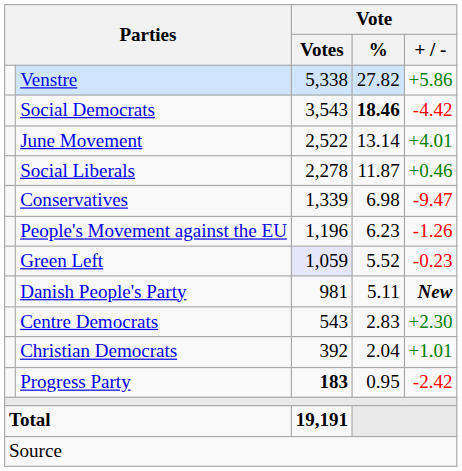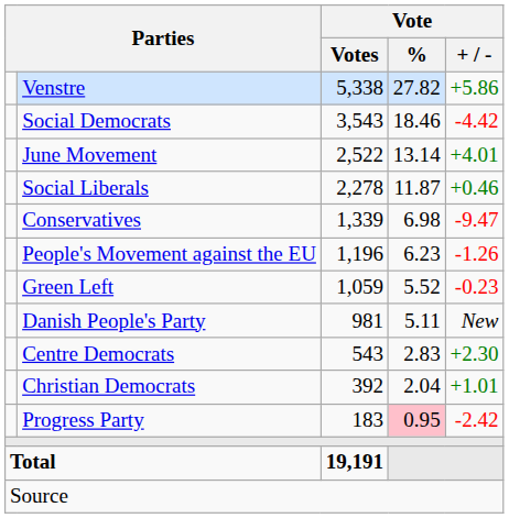 <table class="wikitable" style="text-align:right;">
 <tr>
 <th style="text-align:centre;" rowspan="2" colspan="2" width="225">Parties</th>
 <th colspan="3">Vote</th>
 </tr>
 <tr>
 <th width="15">Votes</th>
 <th width="15">%</th>
 <th width="15">+ / -</th>
 </tr>
 <tr>
 <td width="2" style="color:inherit;background:"></td>
 <td bgcolor=#cfe5fe   align="left"><a href='#'>Venstre</a></td>
 <td bgcolor=#cfe5fe>5,338</td>
 <td bgcolor=#cfe5fe>27.82</td>
 <td style=color:green;>+5.86</td>
 </tr>
 <tr>
 <td width="2" style="color:inherit;background:"></td>
 <td align="left"><a href='#'>Social Democrats</a></td>
 <td>3,543</td>
-<td><strong>18.46</strong></td>
+<td>18.46</td>
 <td style=color:red;>-4.42</td>
 </tr>
 <tr>
 <td width="2" style="color:inherit;background:"></td>
 <td align="left"><a href='#'>June Movement</a></td>
 <td>2,522</td>
 <td>13.14</td>
 <td style=color:green;>+4.01</td>
 </tr>
 <tr>
 <td width="2" style="color:inherit;background:"></td>
 <td align="left"><a href='#'>Social Liberals</a></td>
 <td>2,278</td>
 <td>11.87</td>
 <td style=color:green;>+0.46</td>
 </tr>
 <tr>
 <td width="2" style="color:inherit;background:"></td>
 <td align="left"><a href='#'>Conservatives</a></td>
 <td>1,339</td>
 <td>6.98</td>
 <td style=color:red;>-9.47</td>
 </tr>
 <tr>
 <td width="2" style="color:inherit;background:"></td>
 <td align="left"><a href='#'>People's Movement against the EU</a></td>
 <td>1,196</td>
 <td>6.23</td>
 <td style=color:red;>-1.26</td>
 </tr>
 <tr>
 <td width="2" style="color:inherit;background:"></td>
 <td align="left"><a href='#'>Green Left</a></td>
-<td style="background: lavender;">1,059</td>
+<td>1,059</td>
 <td>5.52</td>
 <td style=color:red;>-0.23</td>
 </tr>
 <tr>
 <td width="2" style="color:inherit;background:"></td>
 <td align="left"><a href='#'>Danish People's Party</a></td>
 <td>981</td>
 <td>5.11</td>
-<td><strong><em>New</em></strong></td>
+<td><em>New</em></td>
 </tr>
 <tr>
 <td width="2" style="color:inherit;background:"></td>
 <td align="left"><a href='#'>Centre Democrats</a></td>
 <td>543</td>
 <td>2.83</td>
 <td style=color:green;>+2.30</td>
 </tr>
 <tr>
 <td width="2" style="color:inherit;background:"></td>
 <td align="left"><a href='#'>Christian Democrats</a></td>
 <td>392</td>
 <td>2.04</td>
 <td style=color:green;>+1.01</td>
 </tr>
 <tr>
 <td width="2" style="color:inherit;background:"></td>
 <td align="left"><a href='#'>Progress Party</a></td>
-<td><strong>183</strong></td>
-<td>0.95</td>
+<td>183</td>
+<td style="background: pink;">0.95</td>
 <td style=color:red;>-2.42</td>
 </tr>
 <tr>
 <td colspan="7" bgcolor="#E9E9E9"></td>
 </tr>
 <tr>
 <td align="left" colspan="2"><strong>Total</strong></td>
 <td><strong>19,191</strong></td>
 <td bgcolor="#E9E9E9" colspan="2"></td>
 </tr>
 <tr>
 <td align="left" colspan="6">Source</td>
 </tr>
 </table>
